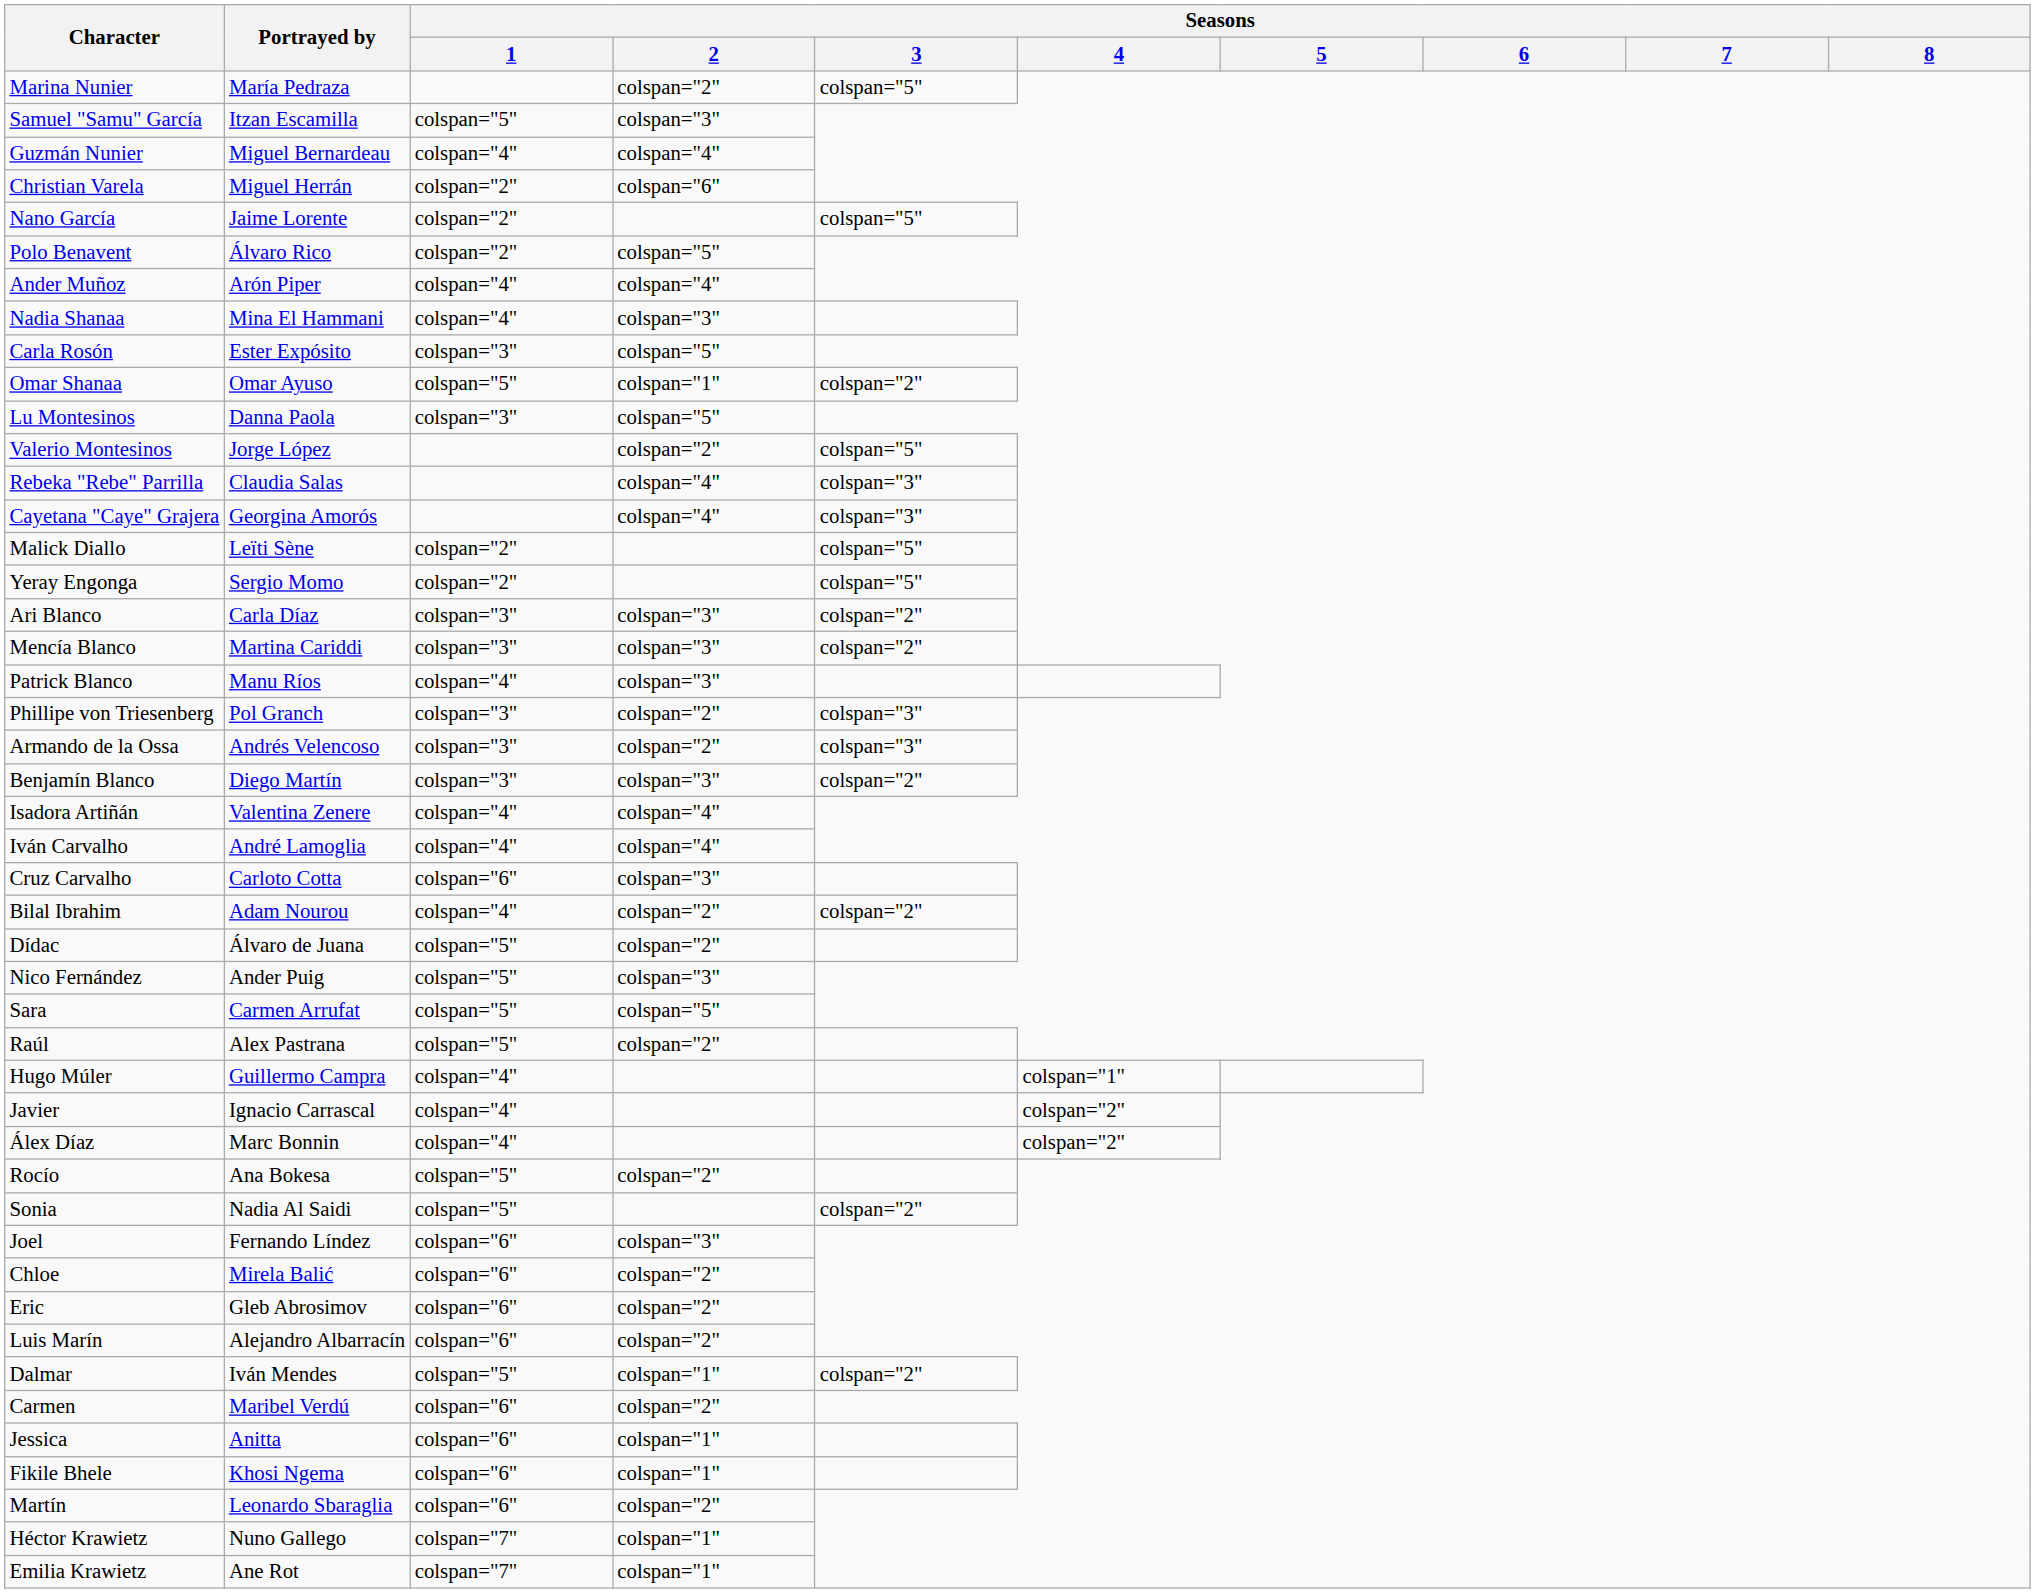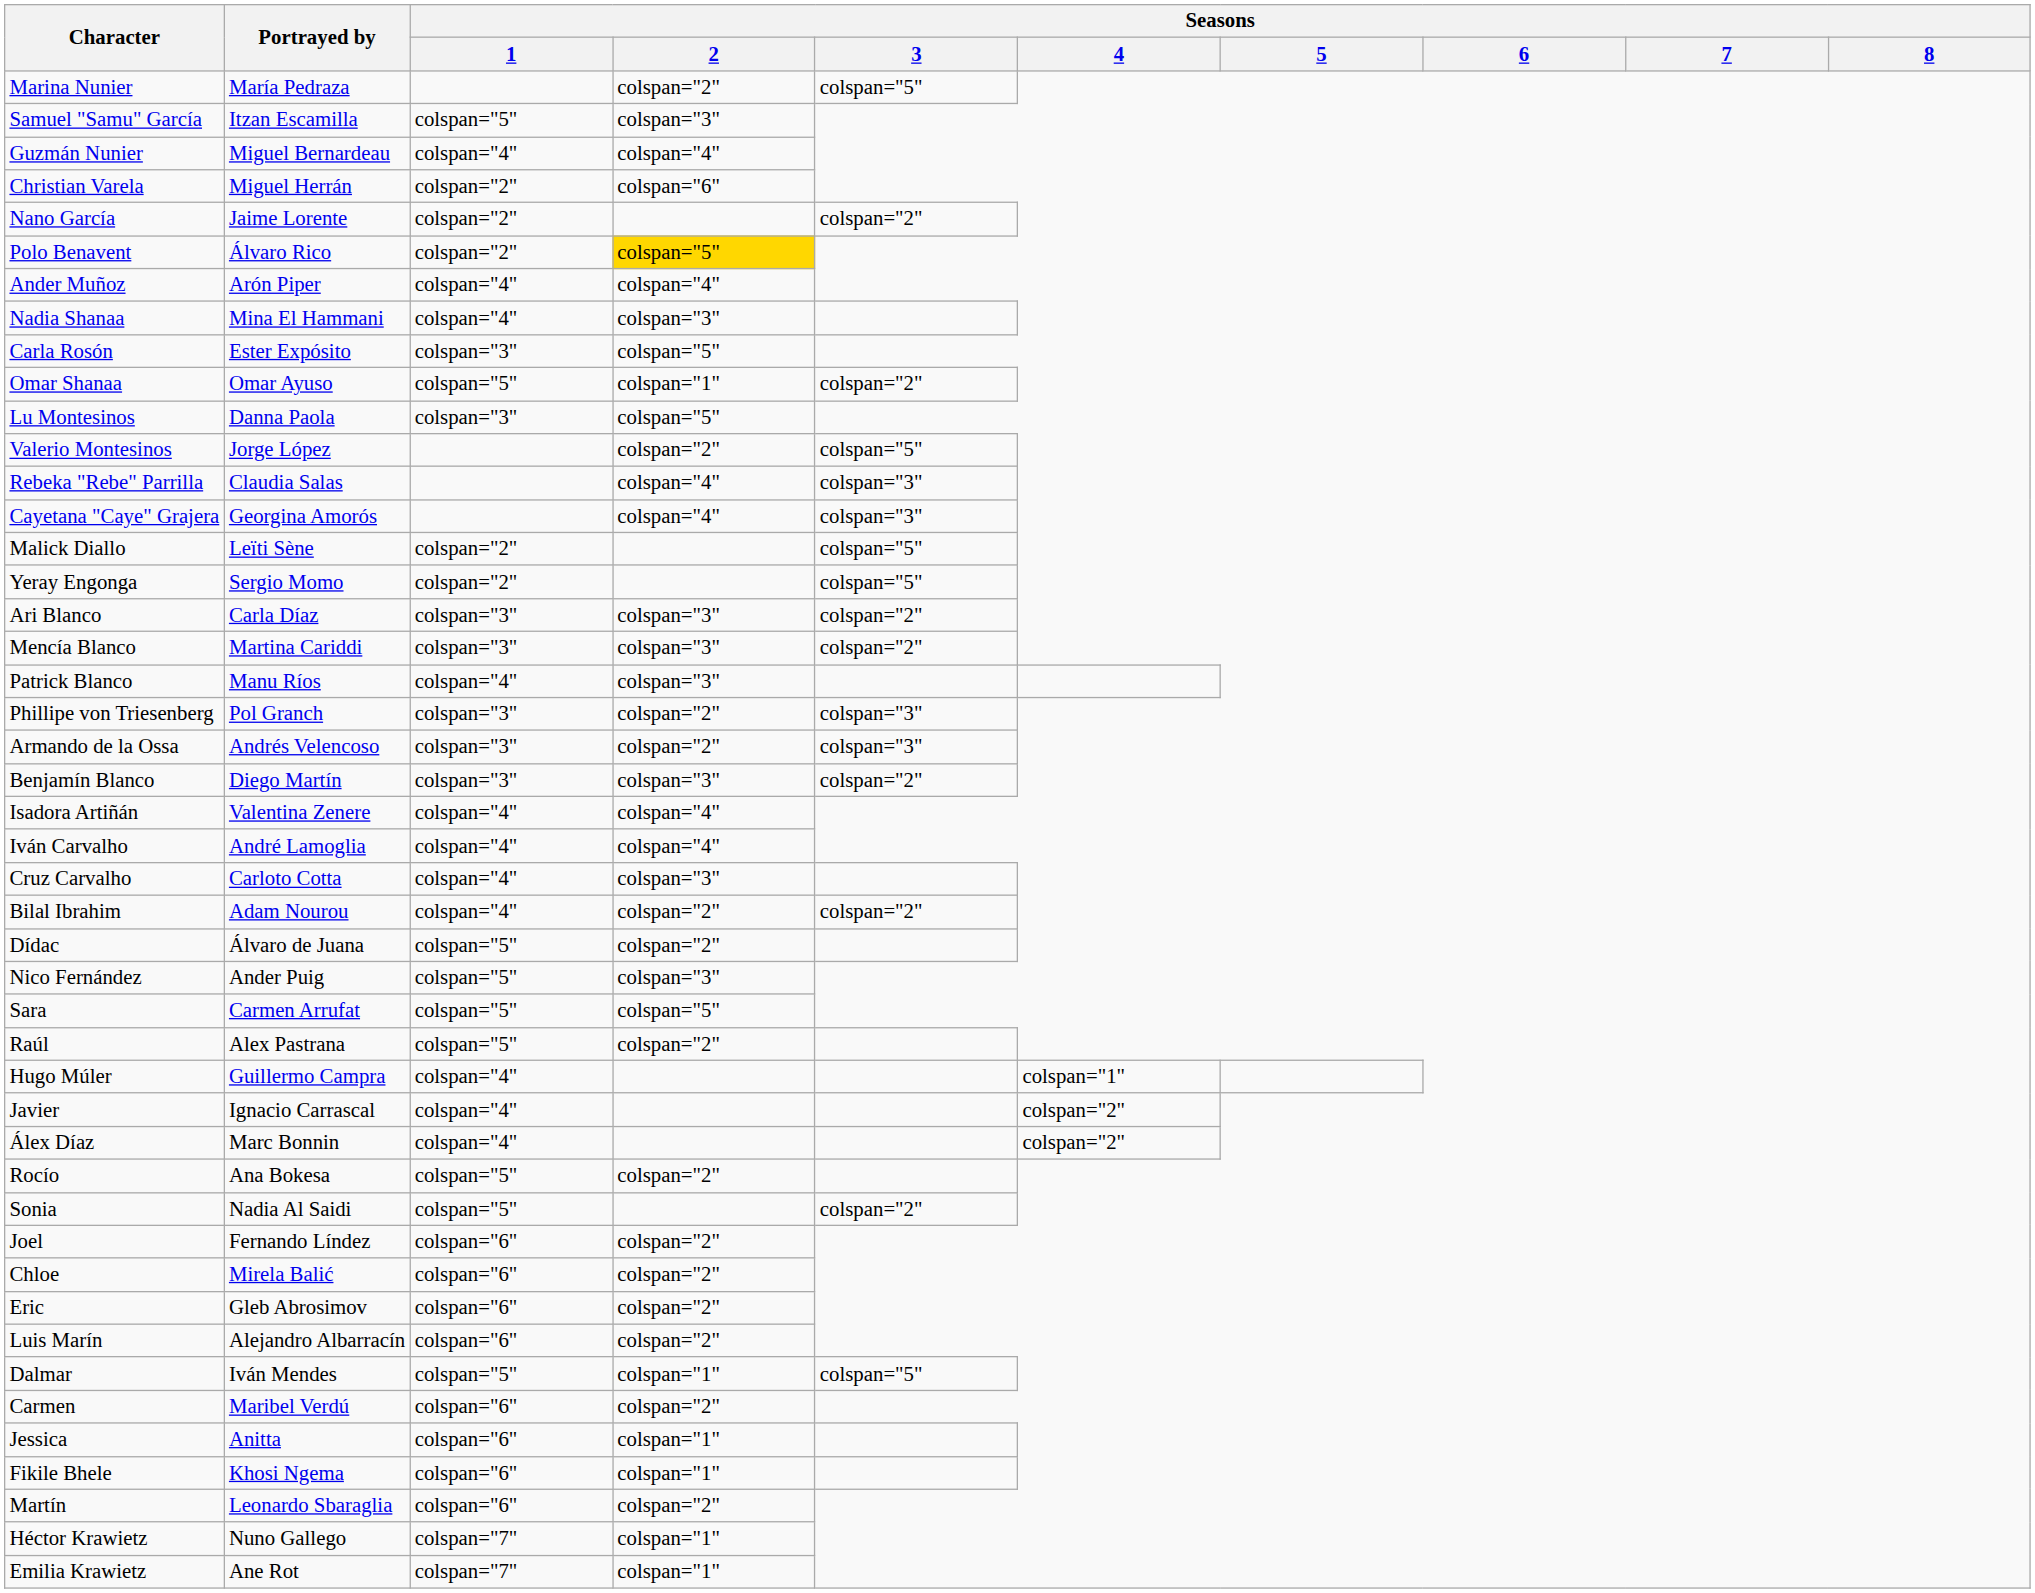 <table class="wikitable">
 <tr>
 <th rowspan="2">Character</th>
 <th rowspan="2">Portrayed by</th>
 <th colspan="8">Seasons</th>
 </tr>
 <tr>
 <th style="width:10%;"><a href='#'>1</a></th>
 <th style="width:10%;"><a href='#'>2</a></th>
 <th style="width:10%;"><a href='#'>3</a></th>
 <th style="width:10%;"><a href='#'>4</a></th>
 <th style="width:10%;"><a href='#'>5</a></th>
 <th style="width:10%;"><a href='#'>6</a></th>
 <th style="width:10%;"><a href='#'>7</a></th>
 <th style="width:10%;"><a href='#'>8</a></th>
 </tr>
 <tr>
 <td><a href='#'>Marina Nunier</a></td>
 <td><a href='#'>María Pedraza</a></td>
 <td></td>
 <td>colspan="2" </td>
 <td>colspan="5" </td>
 </tr>
 <tr>
 <td><a href='#'>Samuel "Samu" García</a></td>
 <td><a href='#'>Itzan Escamilla</a></td>
 <td>colspan="5" </td>
 <td>colspan="3" </td>
 </tr>
 <tr>
 <td><a href='#'>Guzmán Nunier</a></td>
 <td><a href='#'>Miguel Bernardeau</a></td>
 <td>colspan="4" </td>
 <td>colspan="4" </td>
 </tr>
 <tr>
 <td><a href='#'>Christian Varela</a></td>
 <td><a href='#'>Miguel Herrán</a></td>
 <td>colspan="2" </td>
 <td>colspan="6" </td>
 </tr>
 <tr>
 <td><a href='#'>Nano García</a></td>
 <td><a href='#'>Jaime Lorente</a></td>
 <td>colspan="2" </td>
 <td></td>
-<td>colspan="5" </td>
+<td>colspan="2" </td>
 </tr>
 <tr>
 <td><a href='#'>Polo Benavent</a></td>
 <td><a href='#'>Álvaro Rico</a></td>
 <td>colspan="2" </td>
-<td>colspan="5" </td>
+<td style="background: gold;">colspan="5" </td>
 </tr>
 <tr>
 <td><a href='#'>Ander Muñoz</a></td>
 <td><a href='#'>Arón Piper</a></td>
 <td>colspan="4" </td>
 <td>colspan="4" </td>
 </tr>
 <tr>
 <td><a href='#'>Nadia Shanaa</a></td>
 <td><a href='#'>Mina El Hammani</a></td>
 <td>colspan="4" </td>
 <td>colspan="3" </td>
 <td></td>
 </tr>
 <tr>
 <td><a href='#'>Carla Rosón</a></td>
 <td><a href='#'>Ester Expósito</a></td>
 <td>colspan="3" </td>
 <td>colspan="5" </td>
 </tr>
 <tr>
 <td><a href='#'>Omar Shanaa</a></td>
 <td><a href='#'>Omar Ayuso</a></td>
 <td>colspan="5" </td>
 <td>colspan="1" </td>
 <td>colspan="2" </td>
 </tr>
 <tr>
 <td><a href='#'>Lu Montesinos</a></td>
 <td><a href='#'>Danna Paola</a></td>
 <td>colspan="3" </td>
 <td>colspan="5" </td>
 </tr>
 <tr>
 <td><a href='#'>Valerio Montesinos</a></td>
 <td><a href='#'>Jorge López</a></td>
 <td></td>
 <td>colspan="2" </td>
 <td>colspan="5" </td>
 </tr>
 <tr>
 <td><a href='#'>Rebeka "Rebe" Parrilla</a></td>
 <td><a href='#'>Claudia Salas</a></td>
 <td></td>
 <td>colspan="4" </td>
 <td>colspan="3" </td>
 </tr>
 <tr>
 <td><a href='#'>Cayetana "Caye" Grajera</a></td>
 <td><a href='#'>Georgina Amorós</a></td>
 <td></td>
 <td>colspan="4" </td>
 <td>colspan="3" </td>
 </tr>
 <tr>
 <td>Malick Diallo</td>
 <td><a href='#'>Leïti Sène</a></td>
 <td>colspan="2" </td>
 <td></td>
 <td>colspan="5" </td>
 </tr>
 <tr>
 <td>Yeray Engonga</td>
 <td><a href='#'>Sergio Momo</a></td>
 <td>colspan="2" </td>
 <td></td>
 <td>colspan="5" </td>
 </tr>
 <tr>
 <td>Ari Blanco</td>
 <td><a href='#'>Carla Díaz</a></td>
 <td>colspan="3" </td>
 <td>colspan="3" </td>
 <td>colspan="2" </td>
 </tr>
 <tr>
 <td>Mencía Blanco</td>
 <td><a href='#'>Martina Cariddi</a></td>
 <td>colspan="3" </td>
 <td>colspan="3" </td>
 <td>colspan="2" </td>
 </tr>
 <tr>
 <td>Patrick Blanco</td>
 <td><a href='#'>Manu Ríos</a></td>
 <td>colspan="4" </td>
 <td>colspan="3" </td>
 <td></td>
 <td></td>
 </tr>
 <tr>
 <td>Phillipe von Triesenberg</td>
 <td><a href='#'>Pol Granch</a></td>
 <td>colspan="3" </td>
 <td>colspan="2" </td>
 <td>colspan="3" </td>
 </tr>
 <tr>
 <td>Armando de la Ossa</td>
 <td><a href='#'>Andrés Velencoso</a></td>
 <td>colspan="3" </td>
 <td>colspan="2"</td>
 <td>colspan="3" </td>
 </tr>
 <tr>
 <td>Benjamín Blanco</td>
 <td><a href='#'>Diego Martín</a></td>
 <td>colspan="3" </td>
 <td>colspan="3" </td>
 <td>colspan="2" </td>
 </tr>
 <tr>
 <td>Isadora Artiñán</td>
 <td><a href='#'>Valentina Zenere</a></td>
 <td>colspan="4" </td>
 <td>colspan="4" </td>
 </tr>
 <tr>
 <td>Iván Carvalho</td>
 <td><a href='#'>André Lamoglia</a></td>
 <td>colspan="4" </td>
 <td>colspan="4" </td>
 </tr>
 <tr>
 <td>Cruz Carvalho</td>
 <td><a href='#'>Carloto Cotta</a></td>
-<td>colspan="6" </td>
+<td>colspan="4" </td>
 <td>colspan="3" </td>
 <td></td>
 </tr>
 <tr>
 <td>Bilal Ibrahim</td>
 <td><a href='#'>Adam Nourou</a></td>
 <td>colspan="4" </td>
 <td>colspan="2" </td>
 <td>colspan="2" </td>
 </tr>
 <tr>
 <td>Dídac</td>
 <td>Álvaro de Juana</td>
 <td>colspan="5" </td>
 <td>colspan="2" </td>
 <td></td>
 </tr>
 <tr>
 <td>Nico Fernández</td>
 <td>Ander Puig</td>
 <td>colspan="5" </td>
 <td>colspan="3" </td>
 </tr>
 <tr>
 <td>Sara</td>
 <td><a href='#'>Carmen Arrufat</a></td>
 <td>colspan="5" </td>
 <td>colspan="5" </td>
 </tr>
 <tr>
 <td>Raúl</td>
 <td>Alex Pastrana</td>
 <td>colspan="5" </td>
 <td>colspan="2" </td>
 <td></td>
 </tr>
 <tr>
 <td>Hugo Múler</td>
 <td><a href='#'>Guillermo Campra</a></td>
 <td>colspan="4" </td>
 <td></td>
 <td></td>
 <td>colspan="1" </td>
 <td></td>
 </tr>
 <tr>
 <td>Javier</td>
 <td>Ignacio Carrascal</td>
 <td>colspan="4" </td>
 <td></td>
 <td></td>
 <td>colspan="2" </td>
 </tr>
 <tr>
 <td>Álex Díaz</td>
 <td>Marc Bonnin</td>
 <td>colspan="4" </td>
 <td></td>
 <td></td>
 <td>colspan="2" </td>
 </tr>
 <tr>
 <td>Rocío</td>
 <td>Ana Bokesa</td>
 <td>colspan="5" </td>
 <td>colspan="2" </td>
 <td></td>
 </tr>
 <tr>
 <td>Sonia</td>
 <td>Nadia Al Saidi</td>
 <td>colspan="5" </td>
 <td></td>
 <td>colspan="2" </td>
 </tr>
 <tr>
 <td>Joel</td>
 <td>Fernando Líndez</td>
 <td>colspan="6" </td>
-<td>colspan="3" </td>
+<td>colspan="2" </td>
 </tr>
 <tr>
 <td>Chloe</td>
 <td><a href='#'>Mirela Balić</a></td>
 <td>colspan="6" </td>
 <td>colspan="2" </td>
 </tr>
 <tr>
 <td>Eric</td>
 <td>Gleb Abrosimov</td>
 <td>colspan="6" </td>
 <td>colspan="2" </td>
 </tr>
 <tr>
 <td>Luis Marín</td>
 <td>Alejandro Albarracín</td>
 <td>colspan="6" </td>
 <td>colspan="2" </td>
 </tr>
 <tr>
 <td>Dalmar</td>
 <td>Iván Mendes</td>
 <td>colspan="5" </td>
 <td>colspan="1" </td>
-<td>colspan="2" </td>
+<td>colspan="5" </td>
 </tr>
 <tr>
 <td>Carmen</td>
 <td><a href='#'>Maribel Verdú</a></td>
 <td>colspan="6" </td>
 <td>colspan="2" </td>
 </tr>
 <tr>
 <td>Jessica</td>
 <td><a href='#'>Anitta</a></td>
 <td>colspan="6" </td>
 <td>colspan="1" </td>
 <td></td>
 </tr>
 <tr>
 <td>Fikile Bhele</td>
 <td><a href='#'>Khosi Ngema</a></td>
 <td>colspan="6" </td>
 <td>colspan="1" </td>
 <td></td>
 </tr>
 <tr>
 <td>Martín</td>
 <td><a href='#'>Leonardo Sbaraglia</a></td>
 <td>colspan="6" </td>
 <td>colspan="2" </td>
 </tr>
 <tr>
 <td>Héctor Krawietz</td>
 <td>Nuno Gallego</td>
 <td>colspan="7" </td>
 <td>colspan="1" </td>
 </tr>
 <tr>
 <td>Emilia Krawietz</td>
 <td>Ane Rot</td>
 <td>colspan="7" </td>
 <td>colspan="1" </td>
 </tr>
 </table>
